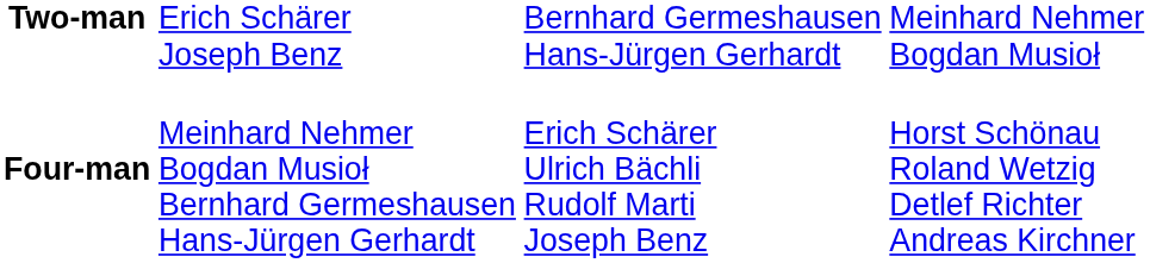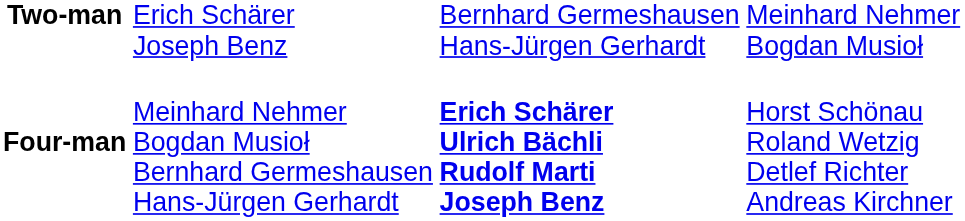 <table>
 <tr>
 <th scope=row>Two-man<br></th>
 <td><br><a href='#'>Erich Schärer</a><br><a href='#'>Joseph Benz</a></td>
 <td><br><a href='#'>Bernhard Germeshausen</a><br><a href='#'>Hans-Jürgen Gerhardt</a></td>
 <td><br><a href='#'>Meinhard Nehmer</a><br><a href='#'>Bogdan Musioł</a></td>
 </tr>
 <tr>
 <th scope=row>Four-man<br></th>
 <td><br><a href='#'>Meinhard Nehmer</a><br><a href='#'>Bogdan Musioł</a><br><a href='#'>Bernhard Germeshausen</a><br><a href='#'>Hans-Jürgen Gerhardt</a></td>
-<td><br><a href='#'>Erich Schärer</a><br><a href='#'>Ulrich Bächli</a><br><a href='#'>Rudolf Marti</a><br><a href='#'>Joseph Benz</a></td>
+<td><strong><br><a href='#'>Erich Schärer</a><br><a href='#'>Ulrich Bächli</a><br><a href='#'>Rudolf Marti</a><br><a href='#'>Joseph Benz</a></strong></td>
 <td><br><a href='#'>Horst Schönau</a><br><a href='#'>Roland Wetzig</a><br><a href='#'>Detlef Richter</a><br><a href='#'>Andreas Kirchner</a></td>
 </tr>
 </table>
